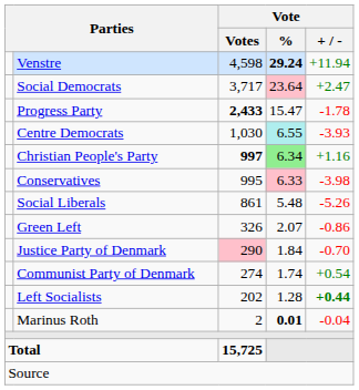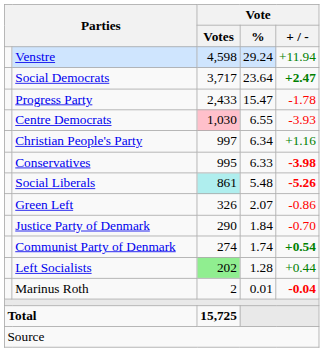 <table class="wikitable" style="text-align:right;">
 <tr>
 <th style="text-align:centre;" rowspan="2" colspan="2" width="225">Parties</th>
 <th colspan="3">Vote</th>
 </tr>
 <tr>
 <th width="15">Votes</th>
 <th width="15">%</th>
 <th width="15">+ / -</th>
 </tr>
 <tr>
 <td width="2" style="color:inherit;background:"></td>
 <td bgcolor=#cfe5fe  align="left"><a href='#'>Venstre</a></td>
 <td bgcolor=#cfe5fe>4,598</td>
-<td bgcolor=#cfe5fe><strong>29.24</strong></td>
+<td bgcolor=#cfe5fe>29.24</td>
 <td style=color:green;>+11.94</td>
 </tr>
 <tr>
 <td width="2" style="color:inherit;background:"></td>
 <td align="left"><a href='#'>Social Democrats</a></td>
 <td>3,717</td>
-<td style="background: pink;">23.64</td>
-<td style=color:green;>+2.47</td>
+<td>23.64</td>
+<td style=color:green;><strong>+2.47</strong></td>
 </tr>
 <tr>
 <td width="2" style="color:inherit;background:"></td>
 <td align="left"><a href='#'>Progress Party</a></td>
-<td><strong>2,433</strong></td>
+<td>2,433</td>
 <td>15.47</td>
 <td style=color:red;>-1.78</td>
 </tr>
 <tr>
 <td width="2" style="color:inherit;background:"></td>
 <td align="left"><a href='#'>Centre Democrats</a></td>
-<td>1,030</td>
-<td style="background: paleturquoise;">6.55</td>
+<td style="background: pink;">1,030</td>
+<td>6.55</td>
 <td style=color:red;>-3.93</td>
 </tr>
 <tr>
 <td width="2" style="color:inherit;background:"></td>
 <td align="left"><a href='#'>Christian People's Party</a></td>
-<td><strong>997</strong></td>
-<td style="background: lightgreen;">6.34</td>
+<td>997</td>
+<td>6.34</td>
 <td style=color:green;>+1.16</td>
 </tr>
 <tr>
 <td width="2" style="color:inherit;background:"></td>
 <td align="left"><a href='#'>Conservatives</a></td>
 <td>995</td>
-<td style="background: pink;">6.33</td>
-<td style=color:red;>-3.98</td>
+<td>6.33</td>
+<td style=color:red;><strong>-3.98</strong></td>
 </tr>
 <tr>
 <td width="2" style="color:inherit;background:"></td>
 <td align="left"><a href='#'>Social Liberals</a></td>
-<td>861</td>
+<td style="background: paleturquoise;">861</td>
 <td>5.48</td>
-<td style=color:red;>-5.26</td>
+<td style=color:red;><strong>-5.26</strong></td>
 </tr>
 <tr>
 <td width="2" style="color:inherit;background:"></td>
 <td align="left"><a href='#'>Green Left</a></td>
 <td>326</td>
 <td>2.07</td>
 <td style=color:red;>-0.86</td>
 </tr>
 <tr>
 <td width="2" style="color:inherit;background:"></td>
 <td align="left"><a href='#'>Justice Party of Denmark</a></td>
-<td style="background: pink;">290</td>
+<td>290</td>
 <td>1.84</td>
 <td style=color:red;>-0.70</td>
 </tr>
 <tr>
 <td width="2" style="color:inherit;background:"></td>
 <td align="left"><a href='#'>Communist Party of Denmark</a></td>
 <td>274</td>
 <td>1.74</td>
-<td style=color:green;>+0.54</td>
+<td style=color:green;><strong>+0.54</strong></td>
 </tr>
 <tr>
 <td width="2" style="color:inherit;background:"></td>
 <td align="left"><a href='#'>Left Socialists</a></td>
-<td>202</td>
+<td style="background: lightgreen;">202</td>
 <td>1.28</td>
-<td style=color:green;><strong>+0.44</strong></td>
+<td style=color:green;>+0.44</td>
 </tr>
 <tr>
 <td width="2" style="color:inherit;background:"></td>
 <td align="left">Marinus Roth</td>
 <td>2</td>
-<td><strong>0.01</strong></td>
-<td style=color:red;>-0.04</td>
+<td>0.01</td>
+<td style=color:red;><strong>-0.04</strong></td>
 </tr>
 <tr>
 <td colspan="7" bgcolor="#E9E9E9"></td>
 </tr>
 <tr>
 <td align="left" colspan="2"><strong>Total</strong></td>
 <td><strong>15,725</strong></td>
 <td bgcolor="#E9E9E9" colspan="2"></td>
 </tr>
 <tr>
 <td align="left" colspan="6">Source</td>
 </tr>
 </table>
